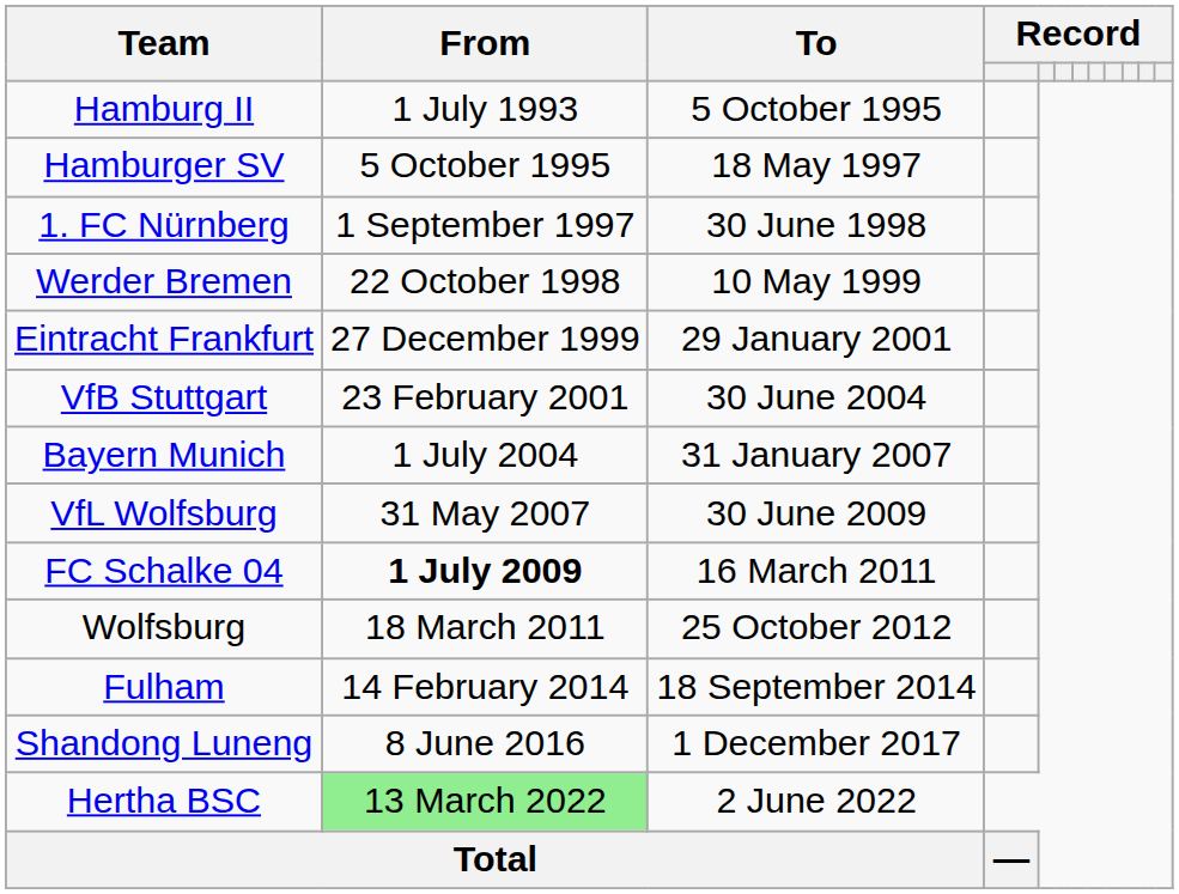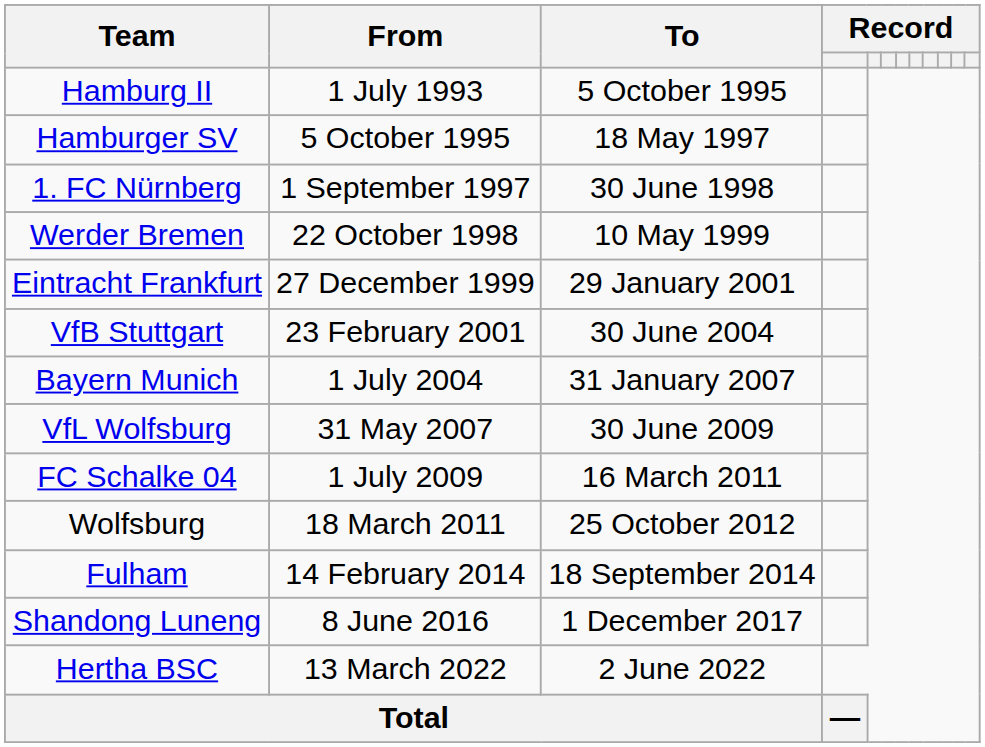 <table class="wikitable" style="text-align: center">
 <tr>
 <th rowspan="2">Team</th>
 <th rowspan="2">From</th>
 <th rowspan="2">To</th>
 <th colspan="9">Record</th>
 </tr>
 <tr>
 <th></th>
 <th></th>
 <th></th>
 <th></th>
 <th></th>
 <th></th>
 <th></th>
 <th></th>
 <th></th>
 </tr>
 <tr>
 <td><a href='#'>Hamburg II</a></td>
 <td>1 July 1993</td>
 <td>5 October 1995<br></td>
 <td></td>
 </tr>
 <tr>
 <td><a href='#'>Hamburger SV</a></td>
 <td>5 October 1995</td>
 <td>18 May 1997<br></td>
 <td></td>
 </tr>
 <tr>
 <td><a href='#'>1. FC Nürnberg</a></td>
 <td>1 September 1997</td>
 <td>30 June 1998<br></td>
 <td></td>
 </tr>
 <tr>
 <td><a href='#'>Werder Bremen</a></td>
 <td>22 October 1998</td>
 <td>10 May 1999<br></td>
 <td></td>
 </tr>
 <tr>
 <td><a href='#'>Eintracht Frankfurt</a></td>
 <td>27 December 1999</td>
 <td>29 January 2001<br></td>
 <td></td>
 </tr>
 <tr>
 <td><a href='#'>VfB Stuttgart</a></td>
 <td>23 February 2001</td>
 <td>30 June 2004<br></td>
 <td></td>
 </tr>
 <tr>
 <td><a href='#'>Bayern Munich</a></td>
 <td>1 July 2004</td>
 <td>31 January 2007<br></td>
 <td></td>
 </tr>
 <tr>
 <td><a href='#'>VfL Wolfsburg</a></td>
 <td>31 May 2007</td>
 <td>30 June 2009<br></td>
 <td></td>
 </tr>
 <tr>
 <td><a href='#'>FC Schalke 04</a></td>
-<td><strong>1 July 2009</strong></td>
+<td>1 July 2009</td>
 <td>16 March 2011<br></td>
 <td></td>
 </tr>
 <tr>
 <td>Wolfsburg</td>
 <td>18 March 2011</td>
 <td>25 October 2012<br></td>
 <td></td>
 </tr>
 <tr>
 <td><a href='#'>Fulham</a></td>
 <td>14 February 2014</td>
 <td>18 September 2014<br></td>
 <td></td>
 </tr>
 <tr>
 <td><a href='#'>Shandong Luneng</a></td>
 <td>8 June 2016</td>
 <td>1 December 2017<br></td>
 <td></td>
 </tr>
 <tr>
 <td><a href='#'>Hertha BSC</a></td>
-<td style="background: lightgreen;">13 March 2022</td>
+<td>13 March 2022</td>
 <td>2 June 2022<br></td>
 </tr>
 <tr>
 <th colspan="3">Total<br></th>
 <th>—</th>
 </tr>
 </table>
